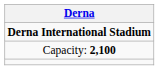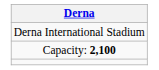 <table class="wikitable" style="margin:auto;text-align:center">
 <tr>
 <th><a href='#'>Derna</a></th>
 </tr>
 <tr>
-<td><strong>Derna International Stadium</strong></td>
+<td>Derna International Stadium</td>
 </tr>
 <tr>
 <td>Capacity: <strong>2,100</strong></td>
 </tr>
 <tr>
 <td></td>
 </tr>
 </table>
